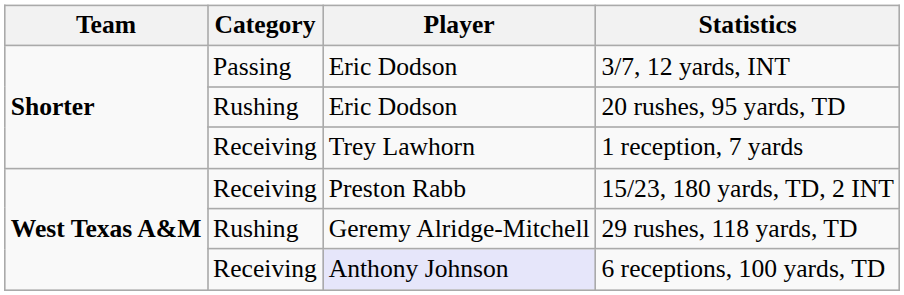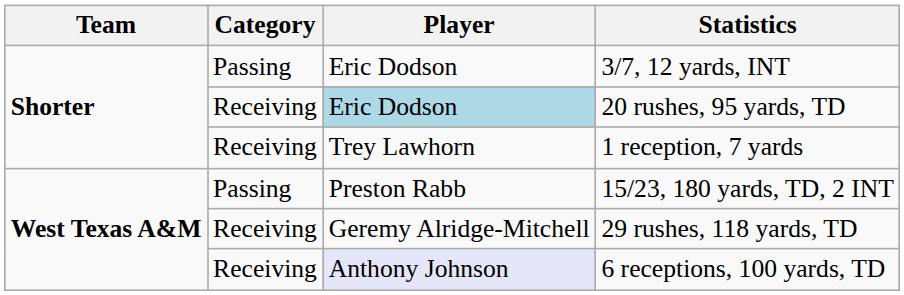 <table class="wikitable" style="float: left;">
 <tr>
 <th>Team</th>
 <th>Category</th>
 <th>Player</th>
 <th>Statistics</th>
 </tr>
 <tr>
 <td rowspan=3><strong>Shorter</strong></td>
 <td>Passing</td>
 <td>Eric Dodson</td>
 <td>3/7, 12 yards, INT</td>
 </tr>
 <tr>
-<td>Rushing</td>
-<td>Eric Dodson</td>
+<td>Receiving</td>
+<td style="background: lightblue;">Eric Dodson</td>
 <td>20 rushes, 95 yards, TD</td>
 </tr>
 <tr>
 <td>Receiving</td>
 <td>Trey Lawhorn</td>
 <td>1 reception, 7 yards</td>
 </tr>
 <tr>
 <td rowspan=3><strong>West Texas A&M</strong></td>
-<td>Receiving</td>
+<td>Passing</td>
 <td>Preston Rabb</td>
 <td>15/23, 180 yards, TD, 2 INT</td>
 </tr>
 <tr>
-<td>Rushing</td>
+<td>Receiving</td>
 <td>Geremy Alridge-Mitchell</td>
 <td>29 rushes, 118 yards, TD</td>
 </tr>
 <tr>
 <td>Receiving</td>
 <td style="background: lavender;">Anthony Johnson</td>
 <td>6 receptions, 100 yards, TD</td>
 </tr>
 </table>
